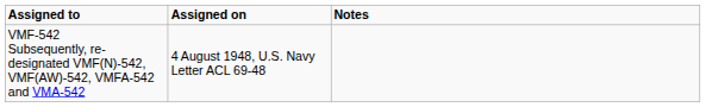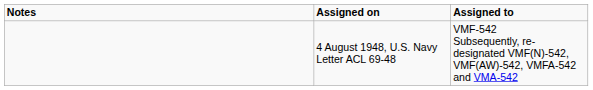 <table class="wikitable" style="width: 70%;">
 <tr>
+<td><strong>Notes</strong></td>
+<td style="width: 200px;"><strong>Assigned on</strong></td>
 <td style="width: 200px;"><strong>Assigned to</strong></td>
-<td style="width: 200px;"><strong>Assigned on</strong></td>
-<td><strong>Notes</strong></td>
 </tr>
 <tr>
+<td></td>
+<td>4 August 1948, U.S. Navy Letter ACL 69-48</td>
 <td>VMF-542<br>Subsequently, re-designated VMF(N)-542, VMF(AW)-542, VMFA-542 and <a href='#'>VMA-542</a></td>
-<td>4 August 1948, U.S. Navy Letter ACL 69-48</td>
-<td></td>
 </tr>
 </table>
